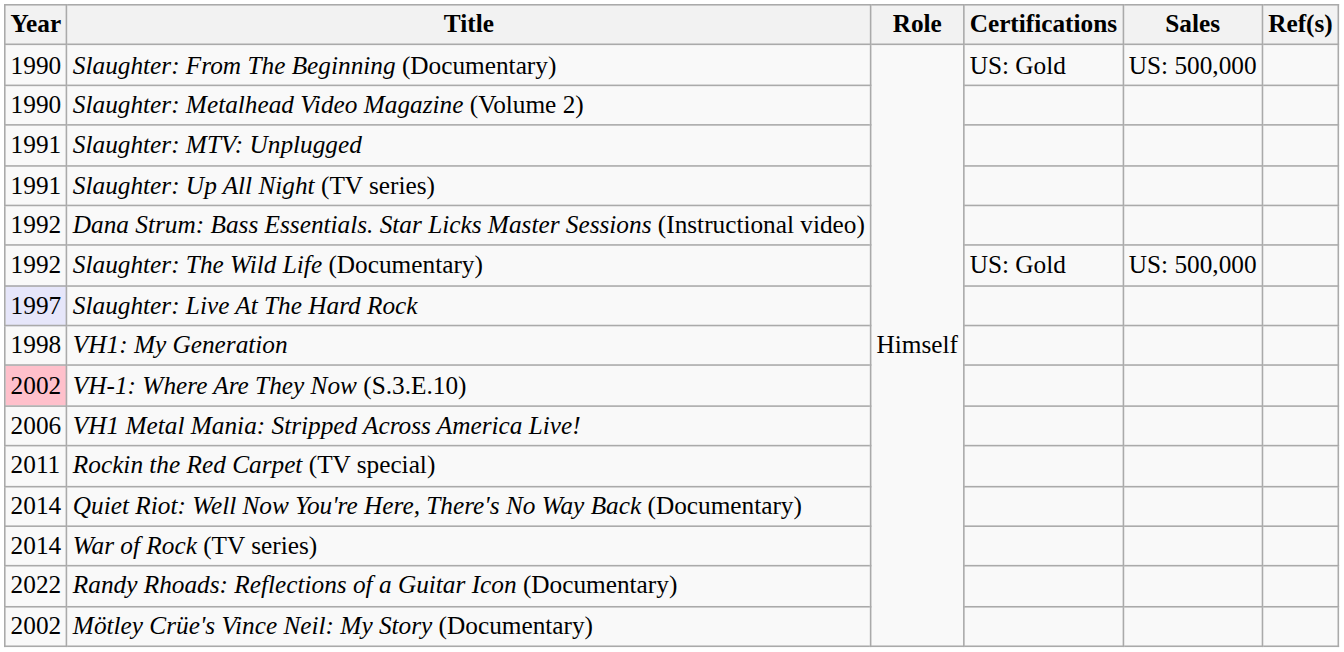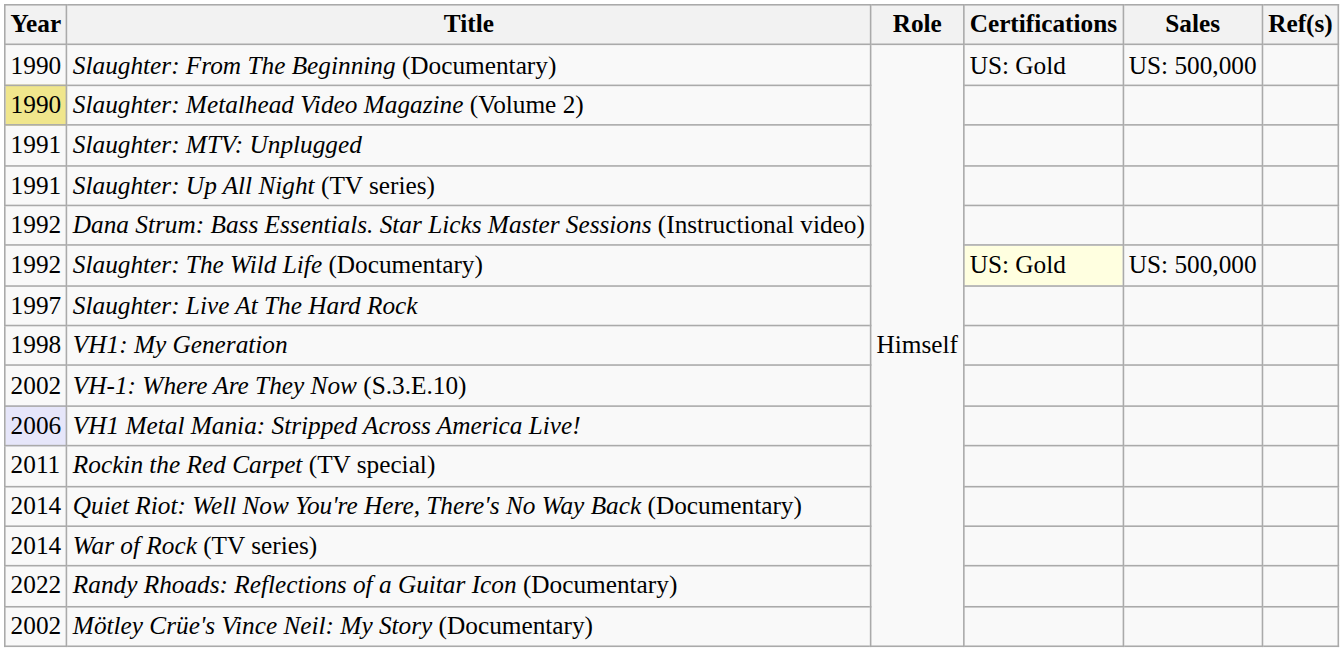 <table class="wikitable sortable">
 <tr>
 <th>Year</th>
 <th>Title</th>
 <th>Role</th>
 <th>Certifications</th>
 <th>Sales</th>
 <th>Ref(s)</th>
 </tr>
 <tr>
 <td>1990</td>
 <td><em>Slaughter: From The Beginning</em> (Documentary)</td>
 <td rowspan="15">Himself</td>
 <td>US: Gold</td>
 <td>US: 500,000</td>
 <td></td>
 </tr>
 <tr>
-<td>1990</td>
+<td style="background: khaki;">1990</td>
 <td><em>Slaughter: Metalhead Video Magazine</em> (Volume 2)</td>
 <td></td>
 <td></td>
 <td></td>
 </tr>
 <tr>
 <td>1991</td>
 <td><em>Slaughter: MTV: Unplugged</em></td>
 <td></td>
 <td></td>
 <td></td>
 </tr>
 <tr>
 <td>1991</td>
 <td><em>Slaughter: Up All Night</em> (TV series)</td>
 <td></td>
 <td></td>
 <td></td>
 </tr>
 <tr>
 <td>1992</td>
 <td><em>Dana Strum: Bass Essentials. Star Licks Master Sessions</em> (Instructional video)</td>
 <td></td>
 <td></td>
 <td></td>
 </tr>
 <tr>
 <td>1992</td>
 <td><em>Slaughter: The Wild Life</em> (Documentary)</td>
-<td>US: Gold</td>
+<td style="background: lightyellow;">US: Gold</td>
 <td>US: 500,000</td>
 <td></td>
 </tr>
 <tr>
-<td style="background: lavender;">1997</td>
+<td>1997</td>
 <td><em>Slaughter: Live At The Hard Rock</em></td>
 <td></td>
 <td></td>
 <td></td>
 </tr>
 <tr>
 <td>1998</td>
 <td><em>VH1: My Generation</em></td>
 <td></td>
 <td></td>
 <td></td>
 </tr>
 <tr>
-<td style="background: pink;">2002</td>
+<td>2002</td>
 <td><em>VH-1: Where Are They Now</em> (S.3.E.10)</td>
 <td></td>
 <td></td>
 <td></td>
 </tr>
 <tr>
-<td>2006</td>
+<td style="background: lavender;">2006</td>
 <td><em>VH1 Metal Mania: Stripped Across America Live!</em></td>
 <td></td>
 <td></td>
 <td></td>
 </tr>
 <tr>
 <td>2011</td>
 <td><em>Rockin the Red Carpet</em> (TV special)</td>
 <td></td>
 <td></td>
 <td></td>
 </tr>
 <tr>
 <td>2014</td>
 <td><em>Quiet Riot: Well Now You're Here, There's No Way Back</em> (Documentary)</td>
 <td></td>
 <td></td>
 <td></td>
 </tr>
 <tr>
 <td>2014</td>
 <td><em>War of Rock</em> (TV series)</td>
 <td></td>
 <td></td>
 <td></td>
 </tr>
 <tr>
 <td>2022</td>
 <td><em>Randy Rhoads: Reflections of a Guitar Icon</em> (Documentary)</td>
 <td></td>
 <td></td>
 <td></td>
 </tr>
 <tr>
 <td>2002</td>
 <td><em>Mötley Crüe's Vince Neil: My Story</em> (Documentary)</td>
 <td></td>
 <td></td>
 <td></td>
 </tr>
 </table>
